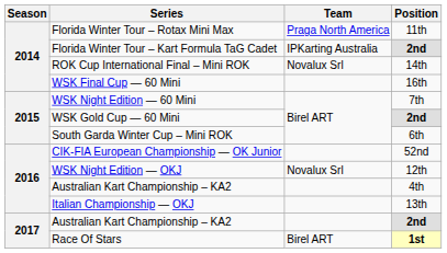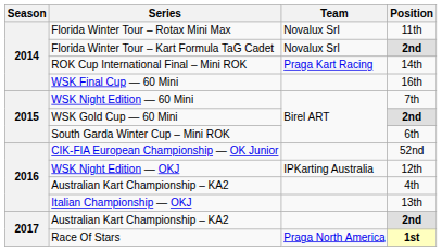 <table class="wikitable" style="font-size: 85%; text-align:center">
 <tr>
 <th>Season</th>
 <th>Series</th>
 <th>Team</th>
 <th>Position</th>
 </tr>
 <tr>
 <th rowspan="4">2014</th>
 <td align="left">Florida Winter Tour – Rotax Mini Max</td>
-<td align="left"><a href='#'>Praga North America</a></td>
+<td align="left">Novalux Srl</td>
 <td>11th</td>
 </tr>
 <tr>
 <td align="left">Florida Winter Tour – Kart Formula TaG Cadet</td>
-<td align="left">IPKarting Australia</td>
+<td align="left">Novalux Srl</td>
 <td style="background:#DFDFDF;"><strong>2nd</strong></td>
 </tr>
 <tr>
 <td align="left">ROK Cup International Final – Mini ROK</td>
-<td align="left">Novalux Srl</td>
+<td align="left"><a href='#'>Praga Kart Racing</a></td>
 <td>14th</td>
 </tr>
 <tr>
 <td align="left"><a href='#'>WSK Final Cup</a> — 60 Mini</td>
 <td align="left"></td>
 <td>16th</td>
 </tr>
 <tr>
 <th rowspan="3">2015</th>
 <td align="left"><a href='#'>WSK Night Edition</a> — 60 Mini</td>
 <td rowspan="3" align="left">Birel ART</td>
 <td>7th</td>
 </tr>
 <tr>
 <td align="left">WSK Gold Cup — 60 Mini</td>
 <td style="background:#DFDFDF;"><strong>2nd</strong></td>
 </tr>
 <tr>
 <td align="left">South Garda Winter Cup – Mini ROK</td>
 <td>6th</td>
 </tr>
 <tr>
 <th rowspan="4">2016</th>
 <td align="left"><a href='#'>CIK-FIA European Championship</a> — <a href='#'>OK Junior</a></td>
 <td align="left"></td>
 <td>52nd</td>
 </tr>
 <tr>
 <td align="left"><a href='#'>WSK Night Edition</a> — <a href='#'>OKJ</a></td>
-<td align="left">Novalux Srl</td>
+<td align="left">IPKarting Australia</td>
 <td>12th</td>
 </tr>
 <tr>
 <td align="left">Australian Kart Championship – KA2</td>
 <td align="left"></td>
 <td>4th</td>
 </tr>
 <tr>
 <td align="left"><a href='#'>Italian Championship</a> — <a href='#'>OKJ</a></td>
 <td align="left"></td>
 <td>13th</td>
 </tr>
 <tr>
 <th rowspan="2">2017</th>
 <td align="left">Australian Kart Championship – KA2</td>
 <td align="left"></td>
 <td style="background:#DFDFDF;"><strong>2nd</strong></td>
 </tr>
 <tr>
 <td align="left">Race Of Stars</td>
-<td align="left">Birel ART</td>
+<td align="left"><a href='#'>Praga North America</a></td>
 <td style="background:#FFFFBF;"><strong>1st</strong></td>
 </tr>
 </table>
